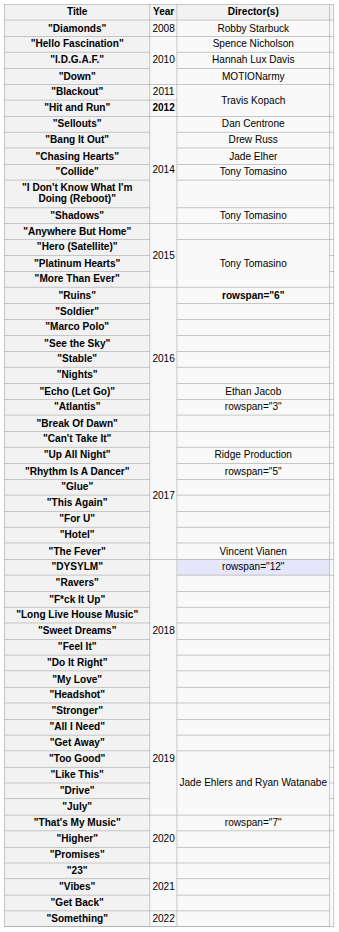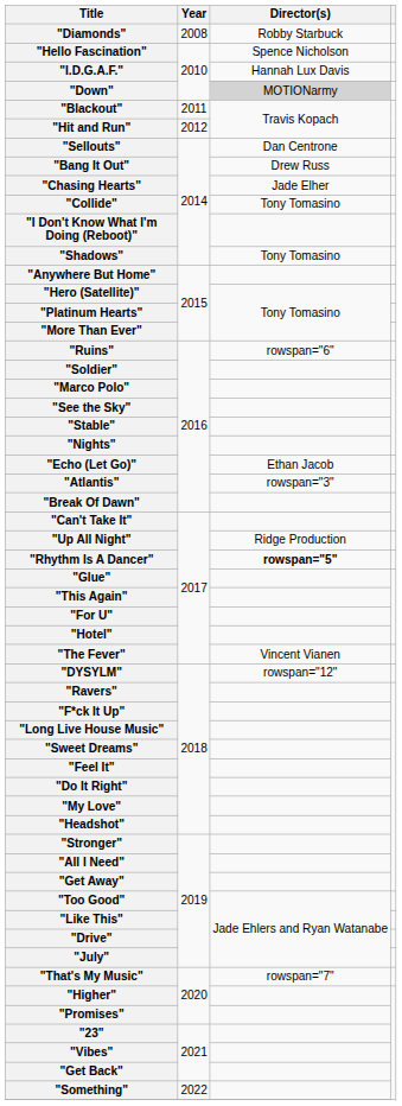 <table class="wikitable plainrowheaders" style="text-align:center;">
 <tr>
 <th scope="col" style="width:14em;">Title</th>
 <th scope="col">Year</th>
 <th scope="col">Director(s)</th>
 <th scope="col"></th>
 </tr>
 <tr>
 <th scope="row">"Diamonds"</th>
 <td>2008</td>
 <td>Robby Starbuck</td>
 <td></td>
 </tr>
 <tr>
 <th scope="row">"Hello Fascination"</th>
 <td rowspan="3">2010</td>
 <td>Spence Nicholson</td>
 <td></td>
 </tr>
 <tr>
 <th scope="row">"I.D.G.A.F."</th>
 <td>Hannah Lux Davis</td>
 <td></td>
 </tr>
 <tr>
 <th scope="row">"Down"<br></th>
-<td>MOTIONarmy</td>
+<td style="background: lightgrey;">MOTIONarmy</td>
 <td></td>
 </tr>
 <tr>
 <th scope="row">"Blackout"</th>
 <td>2011</td>
 <td rowspan="2">Travis Kopach</td>
 <td rowspan="2"></td>
 </tr>
 <tr>
 <th scope="row">"Hit and Run"</th>
-<td><strong>2012</strong></td>
+<td>2012</td>
 </tr>
 <tr>
 <th scope="row">"Sellouts"<br></th>
 <td rowspan="6">2014</td>
 <td>Dan Centrone</td>
 <td></td>
 </tr>
 <tr>
 <th scope="row">"Bang It Out"<br></th>
 <td>Drew Russ</td>
 <td></td>
 </tr>
 <tr>
 <th scope="row">"Chasing Hearts"<br></th>
 <td>Jade Elher</td>
 <td></td>
 </tr>
 <tr>
 <th scope="row">"Collide"</th>
 <td>Tony Tomasino</td>
 <td></td>
 </tr>
 <tr>
 <th scope="row">"I Don't Know What I'm Doing (Reboot)"<br></th>
 <td></td>
 <td></td>
 </tr>
 <tr>
 <th scope="row">"Shadows"</th>
 <td>Tony Tomasino</td>
 <td></td>
 </tr>
 <tr>
 <th scope="row">"Anywhere But Home"<br></th>
 <td rowspan="4">2015</td>
 <td></td>
 <td></td>
 </tr>
 <tr>
 <th scope="row">"Hero (Satellite)"<br></th>
 <td rowspan="3">Tony Tomasino</td>
 <td></td>
 </tr>
 <tr>
 <th scope="row">"Platinum Hearts"<br></th>
 <td></td>
 </tr>
 <tr>
 <th scope="row">"More Than Ever"<br></th>
 <td></td>
 </tr>
 <tr>
 <th scope="row">"Ruins"<br></th>
 <td rowspan="9">2016</td>
-<td><strong>rowspan="6" </strong></td>
+<td>rowspan="6" </td>
 <td></td>
 </tr>
 <tr>
 <th scope="row">"Soldier"<br></th>
 <td></td>
 </tr>
 <tr>
 <th scope="row">"Marco Polo"<br></th>
 <td></td>
 </tr>
 <tr>
 <th scope="row">"See the Sky"<br></th>
 <td></td>
 </tr>
 <tr>
 <th scope="row">"Stable"<br></th>
 <td></td>
 </tr>
 <tr>
 <th scope="row">"Nights"<br></th>
 <td></td>
 </tr>
 <tr>
 <th scope="row">"Echo (Let Go)"<br></th>
 <td>Ethan Jacob</td>
 <td></td>
 </tr>
 <tr>
 <th scope="row">"Atlantis"<br></th>
 <td>rowspan="3" </td>
 <td></td>
 </tr>
 <tr>
 <th scope="row">"Break Of Dawn"<br></th>
 <td></td>
 </tr>
 <tr>
 <th scope="row">"Can't Take It"<br></th>
 <td rowspan="8">2017</td>
 <td></td>
 </tr>
 <tr>
 <th scope="row">"Up All Night"<br></th>
 <td>Ridge Production</td>
 <td></td>
 </tr>
 <tr>
 <th scope="row">"Rhythm Is A Dancer"<br></th>
-<td>rowspan="5" </td>
+<td><strong>rowspan="5" </strong></td>
 <td></td>
 </tr>
 <tr>
 <th scope="row">"Glue"</th>
 <td></td>
 </tr>
 <tr>
 <th scope="row">"This Again"</th>
 <td></td>
 </tr>
 <tr>
 <th scope="row">"For U"</th>
 <td></td>
 </tr>
 <tr>
 <th scope="row">"Hotel"<br></th>
 <td></td>
 </tr>
 <tr>
 <th scope="row">"The Fever"<br></th>
 <td>Vincent Vianen</td>
 <td></td>
 </tr>
 <tr>
 <th scope="row">"DYSYLM"<br></th>
 <td rowspan="9">2018</td>
-<td style="background: lavender;">rowspan="12" </td>
+<td>rowspan="12" </td>
 <td></td>
 </tr>
 <tr>
 <th scope="row">"Ravers"<br></th>
 <td></td>
 </tr>
 <tr>
 <th scope="row">"F*ck It Up"<br></th>
 <td></td>
 </tr>
 <tr>
 <th scope="row">"Long Live House Music"<br></th>
 <td></td>
 </tr>
 <tr>
 <th scope="row">"Sweet Dreams"<br></th>
 <td></td>
 </tr>
 <tr>
 <th scope="row">"Feel It"<br></th>
 <td></td>
 </tr>
 <tr>
 <th scope="row">"Do It Right"<br></th>
 <td></td>
 </tr>
 <tr>
 <th scope="row">"My Love"<br></th>
 <td></td>
 </tr>
 <tr>
 <th scope="row">"Headshot"<br></th>
 <td></td>
 </tr>
 <tr>
 <th scope="row">"Stronger"<br></th>
 <td rowspan="7">2019</td>
 <td></td>
 </tr>
 <tr>
 <th scope="row">"All I Need"<br></th>
 <td></td>
 </tr>
 <tr>
 <th scope="row">"Get Away"<br></th>
 <td></td>
 </tr>
 <tr>
 <th scope="row">"Too Good"</th>
 <td rowspan="4">Jade Ehlers and Ryan Watanabe</td>
 <td></td>
 </tr>
 <tr>
 <th scope="row">"Like This"</th>
 <td></td>
 </tr>
 <tr>
 <th scope="row">"Drive"</th>
 <td></td>
 </tr>
 <tr>
 <th scope="row">"July"</th>
 <td></td>
 </tr>
 <tr>
 <th scope="row">"That's My Music"</th>
 <td rowspan="3">2020</td>
 <td>rowspan="7" </td>
 <td></td>
 </tr>
 <tr>
 <th scope="row">"Higher"<br></th>
 <td></td>
 </tr>
 <tr>
 <th scope="row">"Promises"<br></th>
 <td></td>
 </tr>
 <tr>
 <th scope="row">"23"</th>
 <td rowspan="3">2021</td>
 <td></td>
 </tr>
 <tr>
 <th scope="row">"Vibes"<br></th>
 <td></td>
 </tr>
 <tr>
 <th scope="row">"Get Back"<br></th>
 <td></td>
 </tr>
 <tr>
 <th scope="row">"Something"<br></th>
 <td>2022</td>
 <td></td>
 </tr>
 <tr>
 </tr>
 </table>
